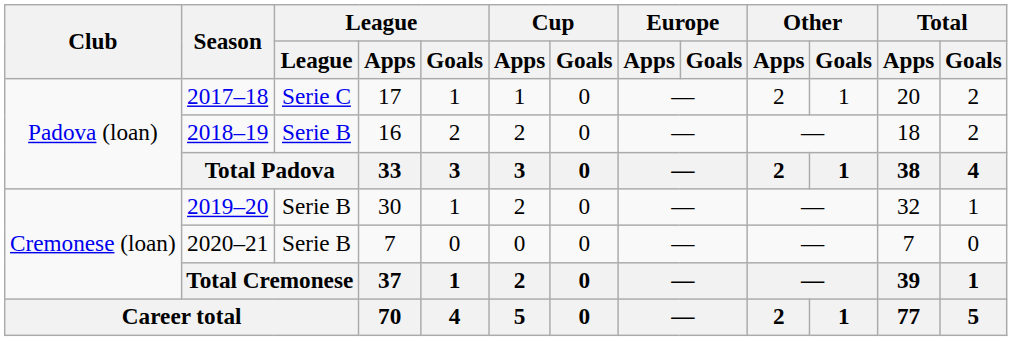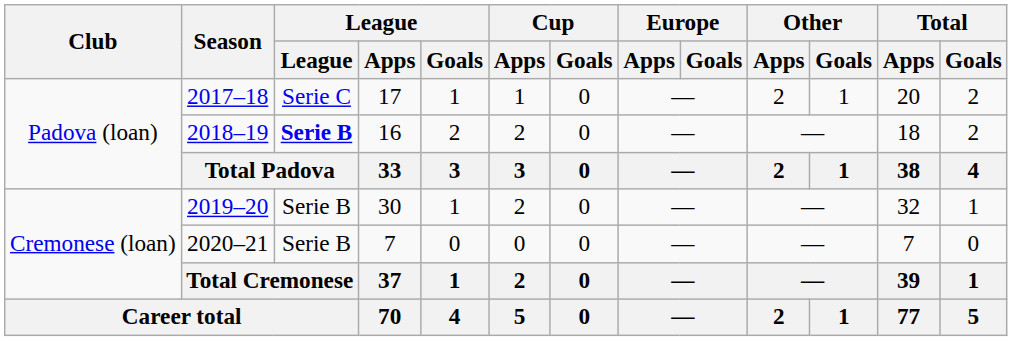 <table class="wikitable" style="text-align: center;">
 <tr>
 <th rowspan="2">Club</th>
 <th rowspan="2">Season</th>
 <th colspan="3">League</th>
 <th colspan="2">Cup</th>
 <th colspan="2">Europe</th>
 <th colspan="2">Other</th>
 <th colspan="2">Total</th>
 </tr>
 <tr>
 <th>League</th>
 <th>Apps</th>
 <th>Goals</th>
 <th>Apps</th>
 <th>Goals</th>
 <th>Apps</th>
 <th>Goals</th>
 <th>Apps</th>
 <th>Goals</th>
 <th>Apps</th>
 <th>Goals</th>
 </tr>
 <tr>
 <td rowspan="3"><a href='#'>Padova</a> (loan)</td>
 <td><a href='#'>2017–18</a></td>
 <td><a href='#'>Serie C</a></td>
 <td>17</td>
 <td>1</td>
 <td>1</td>
 <td>0</td>
 <td colspan="2">—</td>
 <td>2</td>
 <td>1</td>
 <td>20</td>
 <td>2</td>
 </tr>
 <tr>
 <td><a href='#'>2018–19</a></td>
-<td><a href='#'>Serie B</a></td>
+<td><strong><a href='#'>Serie B</a></strong></td>
 <td>16</td>
 <td>2</td>
 <td>2</td>
 <td>0</td>
 <td colspan="2">—</td>
 <td colspan="2">—</td>
 <td>18</td>
 <td>2</td>
 </tr>
 <tr>
 <th colspan="2">Total Padova</th>
 <th>33</th>
 <th>3</th>
 <th>3</th>
 <th>0</th>
 <th colspan="2">—</th>
 <th>2</th>
 <th>1</th>
 <th>38</th>
 <th>4</th>
 </tr>
 <tr>
 <td rowspan="3"><a href='#'>Cremonese</a> (loan)</td>
 <td><a href='#'>2019–20</a></td>
 <td>Serie B</td>
 <td>30</td>
 <td>1</td>
 <td>2</td>
 <td>0</td>
 <td colspan="2">—</td>
 <td colspan="2">—</td>
 <td>32</td>
 <td>1</td>
 </tr>
 <tr>
 <td>2020–21</td>
 <td>Serie B</td>
 <td>7</td>
 <td>0</td>
 <td>0</td>
 <td>0</td>
 <td colspan="2">—</td>
 <td colspan="2">—</td>
 <td>7</td>
 <td>0</td>
 </tr>
 <tr>
 <th colspan="2">Total Cremonese</th>
 <th>37</th>
 <th>1</th>
 <th>2</th>
 <th>0</th>
 <th colspan="2">—</th>
 <th colspan="2">—</th>
 <th>39</th>
 <th>1</th>
 </tr>
 <tr>
 <th colspan="3">Career total</th>
 <th>70</th>
 <th>4</th>
 <th>5</th>
 <th>0</th>
 <th colspan="2">—</th>
 <th>2</th>
 <th>1</th>
 <th>77</th>
 <th>5</th>
 </tr>
 </table>
